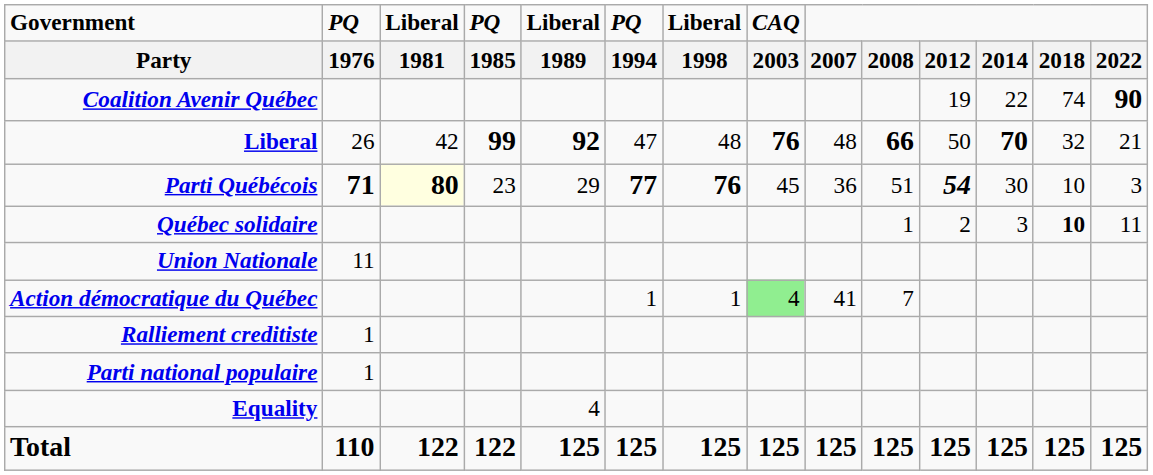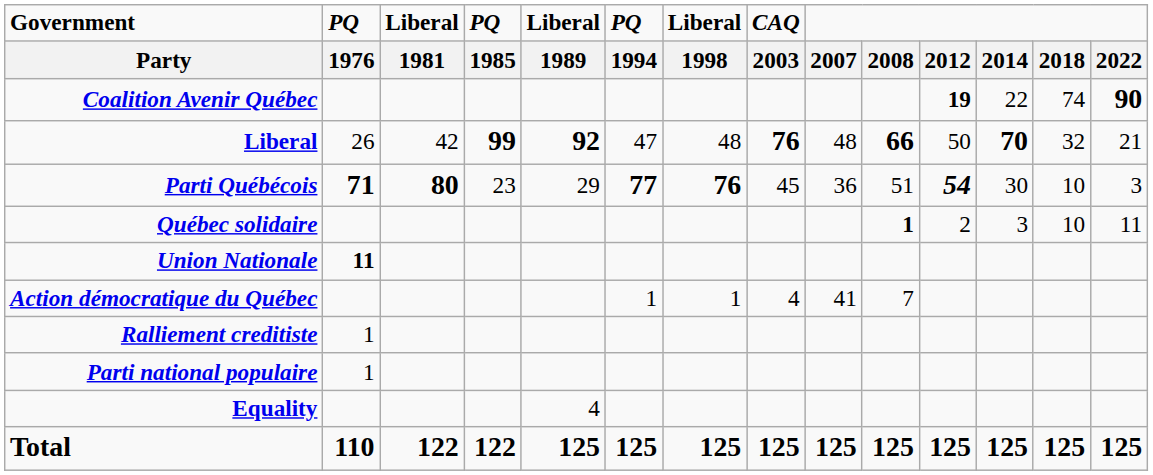 <table class="wikitable">
 <tr>
 <td><strong>Government</strong></td>
 <td><strong><em>PQ</em></strong></td>
 <td><strong>Liberal</strong></td>
 <td><strong><em>PQ</em></strong></td>
 <td><strong>Liberal</strong></td>
 <td><strong><em>PQ</em></strong></td>
 <td><strong>Liberal</strong></td>
 <td><strong><em>CAQ</em></strong></td>
 </tr>
 <tr>
 <th>Party</th>
 <th>1976</th>
 <th>1981</th>
 <th>1985</th>
 <th>1989</th>
 <th>1994</th>
 <th>1998</th>
 <th>2003</th>
 <th>2007</th>
 <th>2008</th>
 <th>2012</th>
 <th>2014</th>
 <th>2018</th>
 <th>2022</th>
 </tr>
 <tr align = "right">
 <td><strong><em><a href='#'>Coalition Avenir Québec</a></em></strong></td>
 <td></td>
 <td></td>
 <td></td>
 <td></td>
 <td></td>
 <td></td>
 <td></td>
 <td></td>
 <td></td>
-<td>19</td>
+<td><strong>19</strong></td>
 <td>22</td>
 <td>74</td>
 <td><strong><big>90</big></strong></td>
 </tr>
 <tr align = "right">
 <td><strong><a href='#'>Liberal</a></strong></td>
 <td>26</td>
 <td>42</td>
 <td><strong><big>99</big></strong></td>
 <td><strong><big>92</big></strong></td>
 <td>47</td>
 <td>48</td>
 <td><strong><big>76</big></strong></td>
 <td>48</td>
 <td><strong><big>66</big></strong></td>
 <td>50</td>
 <td><strong><big>70</big></strong></td>
 <td>32</td>
 <td>21</td>
 </tr>
 <tr align = "right">
 <td><strong><em><a href='#'>Parti Québécois</a></em></strong></td>
 <td><strong><big>71</big></strong></td>
-<td style="background: lightyellow;"><strong><big>80</big></strong></td>
+<td><strong><big>80</big></strong></td>
 <td>23</td>
 <td>29</td>
 <td><strong><big>77</big></strong></td>
 <td><strong><big>76</big></strong></td>
 <td>45</td>
 <td>36</td>
 <td>51</td>
 <td><strong><em><big>54</big></em></strong></td>
 <td>30</td>
 <td>10</td>
 <td>3</td>
 </tr>
 <tr align = "right">
 <td><strong><em><a href='#'>Québec solidaire</a></em></strong></td>
 <td></td>
 <td></td>
 <td></td>
 <td></td>
 <td></td>
 <td></td>
 <td></td>
 <td></td>
-<td>1</td>
+<td><strong>1</strong></td>
 <td>2</td>
 <td>3</td>
-<td><strong>10</strong></td>
+<td>10</td>
 <td>11</td>
 </tr>
 <tr align = "right">
 <td><strong><em><a href='#'>Union Nationale</a></em></strong></td>
-<td>11</td>
+<td><strong>11</strong></td>
 <td></td>
 <td></td>
 <td></td>
 <td></td>
 <td></td>
 <td></td>
 <td></td>
 <td></td>
 <td></td>
 <td></td>
 <td></td>
 <td></td>
 </tr>
 <tr align = "right">
 <td><strong><em><a href='#'>Action démocratique du Québec</a></em></strong></td>
 <td></td>
 <td></td>
 <td></td>
 <td></td>
 <td>1</td>
 <td>1</td>
-<td style="background: lightgreen;">4</td>
+<td>4</td>
 <td>41</td>
 <td>7</td>
 <td></td>
 <td></td>
 <td></td>
 <td></td>
 </tr>
 <tr align = "right">
 <td><strong><em><a href='#'>Ralliement creditiste</a></em></strong></td>
 <td>1</td>
 <td></td>
 <td></td>
 <td></td>
 <td></td>
 <td></td>
 <td></td>
 <td></td>
 <td></td>
 <td></td>
 <td></td>
 <td></td>
 <td></td>
 </tr>
 <tr align = "right">
 <td><strong><em><a href='#'>Parti national populaire</a></em></strong></td>
 <td>1</td>
 <td></td>
 <td></td>
 <td></td>
 <td></td>
 <td></td>
 <td></td>
 <td></td>
 <td></td>
 <td></td>
 <td></td>
 <td></td>
 <td></td>
 </tr>
 <tr align = "right">
 <td><strong><a href='#'>Equality</a></strong></td>
 <td></td>
 <td></td>
 <td></td>
 <td>4</td>
 <td></td>
 <td></td>
 <td></td>
 <td></td>
 <td></td>
 <td></td>
 <td></td>
 <td></td>
 <td></td>
 </tr>
 <tr align = "right">
 <td align="left"><strong><big>Total</big></strong></td>
 <td><strong><big>110</big></strong></td>
 <td><strong><big>122</big></strong></td>
 <td><strong><big>122</big></strong></td>
 <td><strong><big>125</big></strong></td>
 <td><strong><big>125</big></strong></td>
 <td><strong><big>125</big></strong></td>
 <td><strong><big>125</big></strong></td>
 <td><strong><big>125</big></strong></td>
 <td><strong><big>125</big></strong></td>
 <td><strong><big>125</big></strong></td>
 <td><strong><big>125</big></strong></td>
 <td><strong><big>125</big></strong></td>
 <td><strong><big>125</big></strong></td>
 </tr>
 </table>
